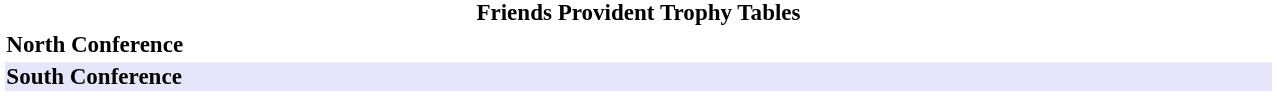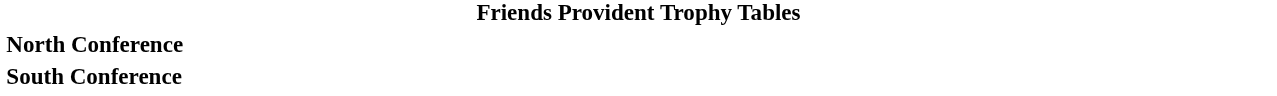 <table class="toccolours collapsible collapsed" width=100%>
 <tr>
 <th colspan="1"><strong>Friends Provident Trophy Tables</strong></th>
 </tr>
 <tr>
 <td colspan="1"><strong>North Conference</strong><br>           </td>
 </tr>
 <tr>
-<td colspan="1" style="background: lavender;"><strong>South Conference</strong><br>           </td>
+<td colspan="1"><strong>South Conference</strong><br>           </td>
 </tr>
 </table>
